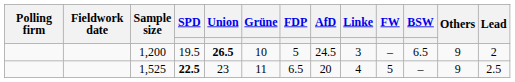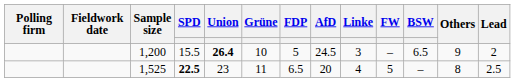 <table class="wikitable sortable mw-datatable mw-collapsible" style="text-align:center;font-size:90%;line-height:14px;">
 <tr style="height:40px;">
 <th style="width:155px;" rowspan="2">Polling firm</th>
 <th style="width:120px;" rowspan="2">Fieldwork date</th>
 <th style="width: 35px;" rowspan="2">Sample<br>size</th>
 <th class="unsortable" style="width:40px;"><a href='#'>SPD</a></th>
 <th class="unsortable" style="width:40px;"><a href='#'>Union</a></th>
 <th class="unsortable" style="width:40px;"><a href='#'>Grüne</a></th>
 <th class="unsortable" style="width:40px;"><a href='#'>FDP</a></th>
 <th class="unsortable" style="width:40px;"><a href='#'>AfD</a></th>
 <th class="unsortable" style="width:40px;"><a href='#'>Linke</a></th>
 <th class="unsortable" style="width:40px;"><a href='#'>FW</a></th>
 <th class="unsortable" style="width:40px;"><a href='#'>BSW</a></th>
 <th class="unsortable" style="width:30px;" rowspan="2">Others</th>
 <th style="width:30px;" rowspan="2">Lead</th>
 </tr>
 <tr>
 <th style="background:"></th>
 <th style="background:"></th>
 <th style="background:"></th>
 <th style="background:"></th>
 <th style="background:"></th>
 <th style="background:"></th>
 <th style="background:"></th>
 <th style="background:"></th>
 </tr>
 <tr>
 <td></td>
 <td></td>
 <td>1,200</td>
-<td>19.5</td>
-<td><strong>26.5</strong></td>
+<td>15.5</td>
+<td><strong>26.4</strong></td>
 <td>10</td>
 <td>5</td>
 <td>24.5</td>
 <td>3</td>
 <td>–</td>
 <td>6.5</td>
 <td>9</td>
 <td style="background:">2</td>
 </tr>
 <tr>
 <td></td>
 <td></td>
 <td>1,525</td>
 <td><strong>22.5</strong></td>
 <td>23</td>
 <td>11</td>
 <td>6.5</td>
 <td>20</td>
 <td>4</td>
 <td>5</td>
 <td>–</td>
-<td>9</td>
+<td>8</td>
 <td style="background:">2.5</td>
 </tr>
 </table>
